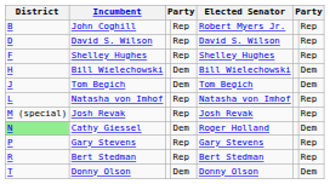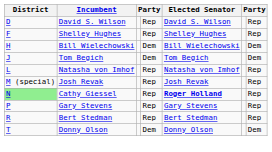 <table class="sortable wikitable" style="font-size:95%;line-height:14px;">
 <tr>
 <th class="unsortable">District</th>
 <th class="unsortable"><a href='#'>Incumbent</a></th>
 <th colspan="2">Party</th>
 <th class="unsortable">Elected Senator</th>
 <th colspan="2">Party</th>
-</tr>
-<tr>
-<td><a href='#'>B</a></td>
-<td><a href='#'>John Coghill</a></td>
-<td style="background:"></td>
-<td>Rep</td>
-<td><a href='#'>Robert Myers Jr.</a></td>
-<td style="background:"></td>
-<td>Rep</td>
 </tr>
 <tr>
 <td><a href='#'>D</a></td>
 <td><a href='#'>David S. Wilson</a></td>
 <td style="background:"></td>
 <td>Rep</td>
 <td><a href='#'>David S. Wilson</a></td>
 <td style="background:"></td>
 <td>Rep</td>
 </tr>
 <tr>
 <td><a href='#'>F</a></td>
 <td><a href='#'>Shelley Hughes</a></td>
 <td style="background:"></td>
 <td>Rep</td>
 <td><a href='#'>Shelley Hughes</a></td>
 <td style="background:"></td>
 <td>Rep</td>
 </tr>
 <tr>
 <td><a href='#'>H</a></td>
 <td><a href='#'>Bill Wielechowski</a></td>
 <td style="background:"></td>
 <td>Dem</td>
 <td><a href='#'>Bill Wielechowski</a></td>
 <td style="background:"></td>
 <td>Dem</td>
 </tr>
 <tr>
 <td><a href='#'>J</a></td>
 <td><a href='#'>Tom Begich</a></td>
 <td style="background:"></td>
 <td>Dem</td>
 <td><a href='#'>Tom Begich</a></td>
 <td style="background:"></td>
 <td>Dem</td>
 </tr>
 <tr>
 <td><a href='#'>L</a></td>
 <td><a href='#'>Natasha von Imhof</a></td>
 <td style="background:"></td>
 <td>Rep</td>
 <td><a href='#'>Natasha von Imhof</a></td>
 <td style="background:"></td>
 <td>Rep</td>
 </tr>
 <tr>
 <td><a href='#'>M</a> (special)</td>
 <td><a href='#'>Josh Revak</a></td>
 <td style="background:"></td>
 <td>Rep</td>
 <td><a href='#'>Josh Revak</a></td>
 <td style="background:"></td>
 <td>Rep</td>
 </tr>
 <tr>
 <td style="background: lightgreen;"><a href='#'>N</a></td>
 <td><a href='#'>Cathy Giessel</a></td>
 <td style="background:"></td>
-<td>Dem</td>
-<td><a href='#'>Roger Holland</a></td>
+<td>Rep</td>
+<td><strong><a href='#'>Roger Holland</a></strong></td>
 <td style="background:"></td>
-<td>Dem</td>
+<td>Rep</td>
 </tr>
 <tr>
 <td><a href='#'>P</a></td>
 <td><a href='#'>Gary Stevens</a></td>
 <td style="background:"></td>
 <td>Rep</td>
 <td><a href='#'>Gary Stevens</a></td>
 <td style="background:"></td>
 <td>Rep</td>
 </tr>
 <tr>
 <td><a href='#'>R</a></td>
 <td><a href='#'>Bert Stedman</a></td>
 <td style="background:"></td>
 <td>Rep</td>
 <td><a href='#'>Bert Stedman</a></td>
 <td style="background:"></td>
 <td>Rep</td>
 </tr>
 <tr>
 <td><a href='#'>T</a></td>
 <td><a href='#'>Donny Olson</a></td>
 <td style="background:"></td>
 <td>Dem</td>
 <td><a href='#'>Donny Olson</a></td>
 <td style="background:"></td>
 <td>Dem</td>
 </tr>
 </table>
